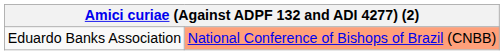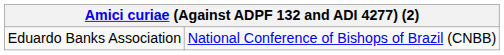 <table class="wikitable">
 <tr>
 <th colspan="2" style="text-align: center;"><a href='#'>Amici curiae</a> (Against ADPF 132 and ADI 4277) (2)</th>
 </tr>
 <tr>
 <td align="left">Eduardo Banks Association</td>
-<td align="left" style="background: lightsalmon;"><a href='#'>National Conference of Bishops of Brazil</a> (CNBB)</td>
+<td align="left"><a href='#'>National Conference of Bishops of Brazil</a> (CNBB)</td>
 </tr>
 </table>
